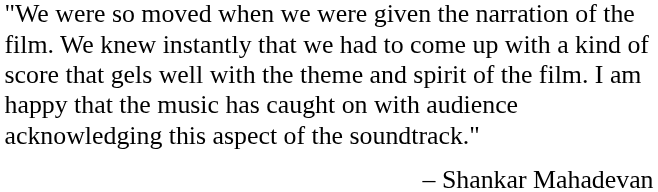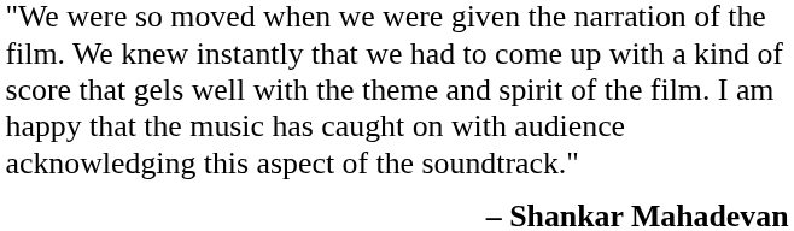 <table class="toccolours" style="float: right; margin-left: 1em; margin-right: 2em; font-size: 85%; width:27em; max-width: 40%;" cellspacing="5">
 <tr>
 <td style="text-align: left;">"We were so moved when we were given the narration of the film. We knew instantly that we had to come up with a kind of score that gels well with the theme and spirit of the film. I am happy that the music has caught on with audience acknowledging this aspect of the soundtrack."</td>
 </tr>
 <tr>
-<td style="text-align: right;"> – Shankar Mahadevan</td>
+<td style="text-align: right;"><strong> – Shankar Mahadevan</strong></td>
 </tr>
 </table>
